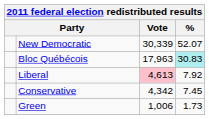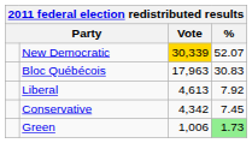 <table class="wikitable">
 <tr>
 <th colspan="4"><a href='#'>2011 federal election</a> redistributed results</th>
 </tr>
 <tr>
 <th bgcolor="#DDDDFF" width="130px" colspan="2">Party</th>
 <th bgcolor="#DDDDFF" width="50px">Vote</th>
 <th bgcolor="#DDDDFF" width="30px">%</th>
 </tr>
 <tr>
 <td> </td>
 <td><a href='#'>New Democratic</a></td>
-<td align=right>30,339</td>
+<td align=right style="background: gold;">30,339</td>
 <td align=right>52.07</td>
 </tr>
 <tr>
 <td> </td>
 <td><a href='#'>Bloc Québécois</a></td>
 <td align=right>17,963</td>
-<td align=right style="background: paleturquoise;">30.83</td>
+<td align=right>30.83</td>
 </tr>
 <tr>
 <td> </td>
 <td><a href='#'>Liberal</a></td>
-<td align=right style="background: pink;">4,613</td>
+<td align=right>4,613</td>
 <td align=right>7.92</td>
 </tr>
 <tr>
 <td> </td>
 <td><a href='#'>Conservative</a></td>
 <td align=right>4,342</td>
 <td align=right>7.45</td>
 </tr>
 <tr>
 <td> </td>
 <td><a href='#'>Green</a></td>
 <td align=right>1,006</td>
-<td align=right>1.73</td>
+<td align=right style="background: lightgreen;">1.73</td>
 </tr>
 </table>
